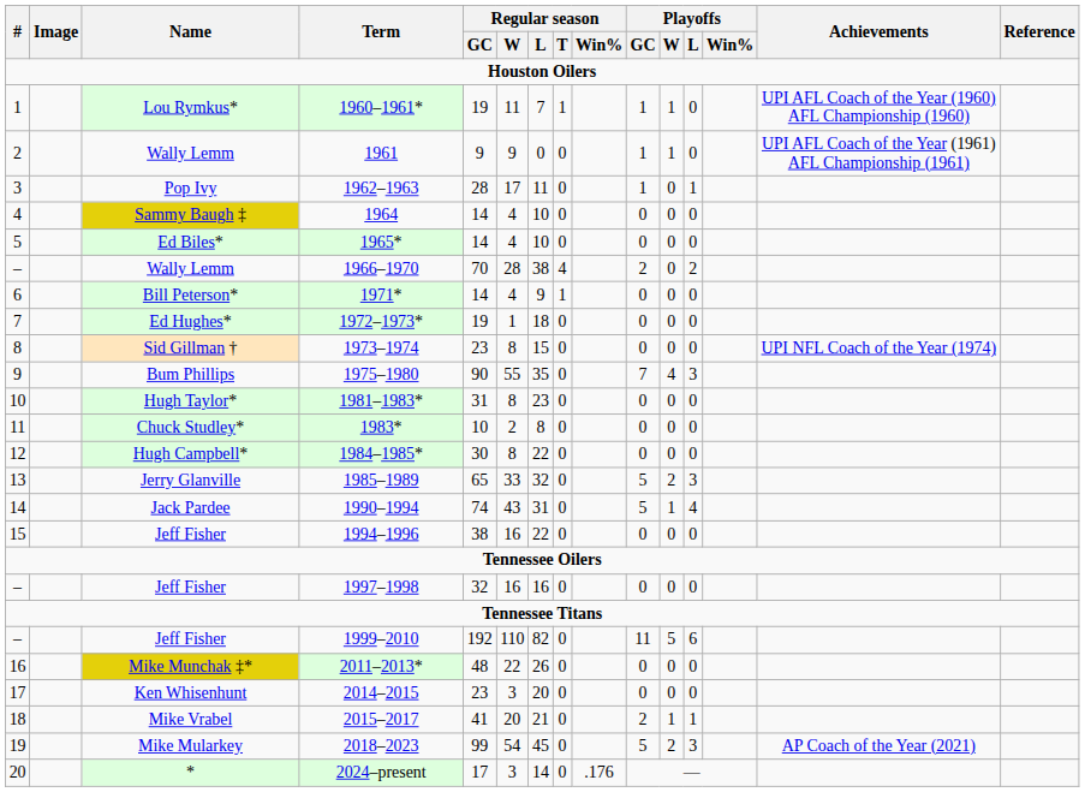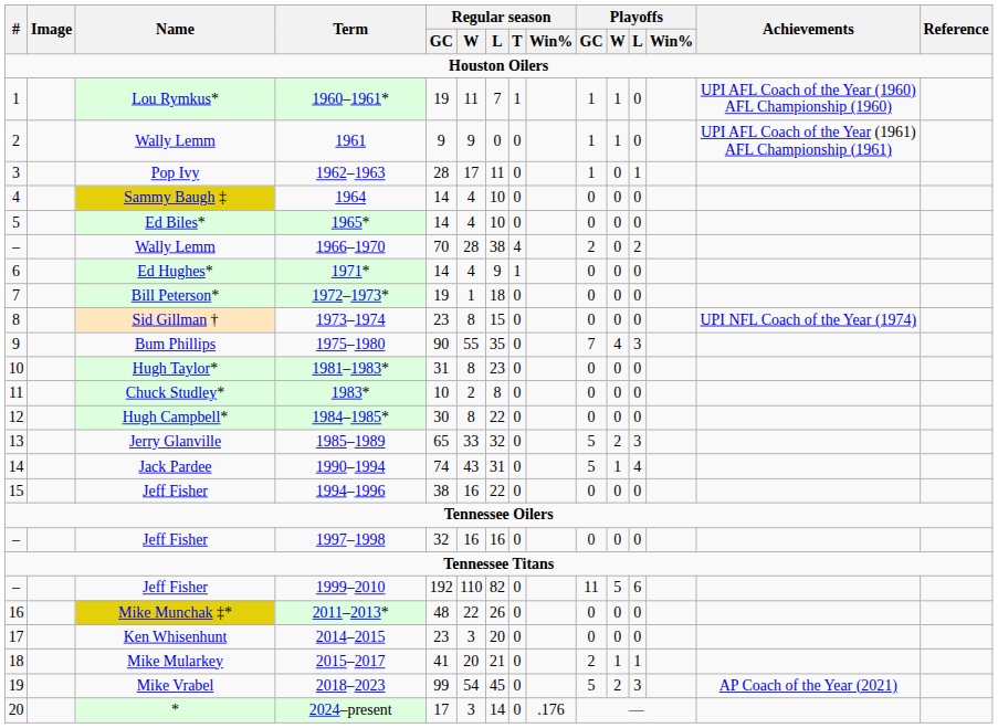 <table class="wikitable" border="1" style="text-align:center;">
 <tr>
 <th rowspan="2">#</th>
 <th rowspan="2">Image</th>
 <th rowspan="2" scope="col" width="200">Name</th>
 <th rowspan="2" scope="col" width="150">Term </th>
 <th colspan="5">Regular season</th>
 <th colspan="4">Playoffs</th>
 <th rowspan="2">Achievements</th>
 <th rowspan="2">Reference</th>
 </tr>
 <tr>
 <th>GC</th>
 <th>W</th>
 <th>L</th>
 <th>T</th>
 <th>Win%</th>
 <th>GC</th>
 <th>W</th>
 <th>L</th>
 <th>Win%</th>
 </tr>
 <tr>
 <td align="center" colspan="19"><strong>Houston Oilers</strong></td>
 </tr>
 <tr>
 <td align="center">1</td>
 <td></td>
 <td bgcolor="#ddffdd"><a href='#'>Lou Rymkus</a>*</td>
 <td bgcolor="#ddffdd"><a href='#'>1960</a>–<a href='#'>1961</a>*</td>
 <td>19</td>
 <td>11</td>
 <td>7</td>
 <td>1</td>
 <td></td>
 <td>1</td>
 <td>1</td>
 <td>0</td>
 <td></td>
 <td><a href='#'>UPI AFL Coach of the Year (1960)</a><br><a href='#'>AFL Championship (1960)</a></td>
 <td align="center"></td>
 </tr>
 <tr>
 <td align="center">2</td>
 <td></td>
 <td><a href='#'>Wally Lemm</a></td>
 <td><a href='#'>1961</a></td>
 <td>9</td>
 <td>9</td>
 <td>0</td>
 <td>0</td>
 <td></td>
 <td>1</td>
 <td>1</td>
 <td>0</td>
 <td></td>
 <td><a href='#'>UPI AFL Coach of the Year</a> (1961)<br><a href='#'>AFL Championship (1961)</a></td>
 <td align="center"></td>
 </tr>
 <tr>
 <td align="center">3</td>
 <td></td>
 <td><a href='#'>Pop Ivy</a></td>
 <td><a href='#'>1962</a>–<a href='#'>1963</a></td>
 <td>28</td>
 <td>17</td>
 <td>11</td>
 <td>0</td>
 <td></td>
 <td>1</td>
 <td>0</td>
 <td>1</td>
 <td></td>
 <td></td>
 <td align="center"></td>
 </tr>
 <tr>
 <td align="center">4</td>
 <td></td>
 <td style="background-color:#E4D00A"><a href='#'>Sammy Baugh</a> ‡</td>
 <td><a href='#'>1964</a></td>
 <td>14</td>
 <td>4</td>
 <td>10</td>
 <td>0</td>
 <td></td>
 <td>0</td>
 <td>0</td>
 <td>0</td>
 <td></td>
 <td></td>
 <td align="center"></td>
 </tr>
 <tr>
 <td align="center">5</td>
 <td></td>
 <td bgcolor="#ddffdd"><a href='#'>Ed Biles</a>*</td>
 <td bgcolor="#ddffdd"><a href='#'>1965</a>*</td>
 <td>14</td>
 <td>4</td>
 <td>10</td>
 <td>0</td>
 <td></td>
 <td>0</td>
 <td>0</td>
 <td>0</td>
 <td></td>
 <td></td>
 <td align="center"></td>
 </tr>
 <tr>
 <td align="center">–</td>
 <td></td>
 <td><a href='#'>Wally Lemm</a></td>
 <td><a href='#'>1966</a>–<a href='#'>1970</a></td>
 <td>70</td>
 <td>28</td>
 <td>38</td>
 <td>4</td>
 <td></td>
 <td>2</td>
 <td>0</td>
 <td>2</td>
 <td></td>
 <td></td>
 <td align="center"></td>
 </tr>
 <tr>
 <td align="center">6</td>
 <td></td>
-<td bgcolor="#ddffdd"><a href='#'>Bill Peterson</a>*</td>
+<td bgcolor="#ddffdd"><a href='#'>Ed Hughes</a>*</td>
 <td bgcolor="#ddffdd"><a href='#'>1971</a>*</td>
 <td>14</td>
 <td>4</td>
 <td>9</td>
 <td>1</td>
 <td></td>
 <td>0</td>
 <td>0</td>
 <td>0</td>
 <td></td>
 <td></td>
 <td align="center"></td>
 </tr>
 <tr>
 <td align="center">7</td>
 <td></td>
-<td bgcolor="#ddffdd"><a href='#'>Ed Hughes</a>*</td>
+<td bgcolor="#ddffdd"><a href='#'>Bill Peterson</a>*</td>
 <td bgcolor="#ddffdd"><a href='#'>1972</a>–<a href='#'>1973</a>*</td>
 <td>19</td>
 <td>1</td>
 <td>18</td>
 <td>0</td>
 <td></td>
 <td>0</td>
 <td>0</td>
 <td>0</td>
 <td></td>
 <td></td>
 <td align="center"></td>
 </tr>
 <tr>
 <td align="center">8</td>
 <td></td>
 <td bgcolor="#FFE6BD"><a href='#'>Sid Gillman</a> †</td>
 <td><a href='#'>1973</a>–<a href='#'>1974</a></td>
 <td>23</td>
 <td>8</td>
 <td>15</td>
 <td>0</td>
 <td></td>
 <td>0</td>
 <td>0</td>
 <td>0</td>
 <td></td>
 <td><a href='#'>UPI NFL Coach of the Year (1974)</a></td>
 <td align="center"></td>
 </tr>
 <tr>
 <td align="center">9</td>
 <td></td>
 <td><a href='#'>Bum Phillips</a></td>
 <td><a href='#'>1975</a>–<a href='#'>1980</a></td>
 <td>90</td>
 <td>55</td>
 <td>35</td>
 <td>0</td>
 <td></td>
 <td>7</td>
 <td>4</td>
 <td>3</td>
 <td></td>
 <td></td>
 <td align="center"></td>
 </tr>
 <tr>
 <td align="center">10</td>
 <td></td>
 <td bgcolor="#ddffdd"><a href='#'>Hugh Taylor</a>*</td>
 <td bgcolor="#ddffdd"><a href='#'>1981</a>–<a href='#'>1983</a>*</td>
 <td>31</td>
 <td>8</td>
 <td>23</td>
 <td>0</td>
 <td></td>
 <td>0</td>
 <td>0</td>
 <td>0</td>
 <td></td>
 <td></td>
 <td align="center"></td>
 </tr>
 <tr>
 <td align="center">11</td>
 <td></td>
 <td bgcolor="#ddffdd"><a href='#'>Chuck Studley</a>*</td>
 <td bgcolor="#ddffdd"><a href='#'>1983</a>*</td>
 <td>10</td>
 <td>2</td>
 <td>8</td>
 <td>0</td>
 <td></td>
 <td>0</td>
 <td>0</td>
 <td>0</td>
 <td></td>
 <td></td>
 <td align="center"></td>
 </tr>
 <tr>
 <td align="center">12</td>
 <td></td>
 <td bgcolor="#ddffdd"><a href='#'>Hugh Campbell</a>*</td>
 <td bgcolor="#ddffdd"><a href='#'>1984</a>–<a href='#'>1985</a>*</td>
 <td>30</td>
 <td>8</td>
 <td>22</td>
 <td>0</td>
 <td></td>
 <td>0</td>
 <td>0</td>
 <td>0</td>
 <td></td>
 <td></td>
 <td align="center"></td>
 </tr>
 <tr>
 <td align="center">13</td>
 <td></td>
 <td><a href='#'>Jerry Glanville</a></td>
 <td><a href='#'>1985</a>–<a href='#'>1989</a></td>
 <td>65</td>
 <td>33</td>
 <td>32</td>
 <td>0</td>
 <td></td>
 <td>5</td>
 <td>2</td>
 <td>3</td>
 <td></td>
 <td></td>
 <td align="center"></td>
 </tr>
 <tr>
 <td align="center">14</td>
 <td></td>
 <td><a href='#'>Jack Pardee</a></td>
 <td><a href='#'>1990</a>–<a href='#'>1994</a></td>
 <td>74</td>
 <td>43</td>
 <td>31</td>
 <td>0</td>
 <td></td>
 <td>5</td>
 <td>1</td>
 <td>4</td>
 <td></td>
 <td></td>
 <td align="center"></td>
 </tr>
 <tr>
 <td align="center">15</td>
 <td></td>
 <td><a href='#'>Jeff Fisher</a></td>
 <td><a href='#'>1994</a>–<a href='#'>1996</a></td>
 <td>38</td>
 <td>16</td>
 <td>22</td>
 <td>0</td>
 <td></td>
 <td>0</td>
 <td>0</td>
 <td>0</td>
 <td></td>
 <td></td>
 <td align="center"></td>
 </tr>
 <tr>
 <td align="center" colspan="19"><strong>Tennessee Oilers</strong></td>
 </tr>
 <tr>
 <td align="center">–</td>
 <td></td>
 <td><a href='#'>Jeff Fisher</a></td>
 <td><a href='#'>1997</a>–<a href='#'>1998</a></td>
 <td>32</td>
 <td>16</td>
 <td>16</td>
 <td>0</td>
 <td></td>
 <td>0</td>
 <td>0</td>
 <td>0</td>
 <td></td>
 <td></td>
 <td align="center"></td>
 </tr>
 <tr>
 <td align="center" colspan="19"><strong>Tennessee Titans</strong></td>
 </tr>
 <tr>
 <td align="center">–</td>
 <td></td>
 <td><a href='#'>Jeff Fisher</a></td>
 <td><a href='#'>1999</a>–<a href='#'>2010</a></td>
 <td>192</td>
 <td>110</td>
 <td>82</td>
 <td>0</td>
 <td></td>
 <td>11</td>
 <td>5</td>
 <td>6</td>
 <td></td>
 <td></td>
 <td align="center"></td>
 </tr>
 <tr>
 <td align="center">16</td>
 <td></td>
 <td style="background-color:#E4D00A"><a href='#'>Mike Munchak</a> ‡*</td>
 <td bgcolor="#ddffdd"><a href='#'>2011</a>–<a href='#'>2013</a>*</td>
 <td>48</td>
 <td>22</td>
 <td>26</td>
 <td>0</td>
 <td></td>
 <td>0</td>
 <td>0</td>
 <td>0</td>
 <td></td>
 <td></td>
 <td align="center"></td>
 </tr>
 <tr>
 <td align="center">17</td>
 <td></td>
 <td><a href='#'>Ken Whisenhunt</a></td>
 <td><a href='#'>2014</a>–<a href='#'>2015</a></td>
 <td>23</td>
 <td>3</td>
 <td>20</td>
 <td>0</td>
 <td></td>
 <td>0</td>
 <td>0</td>
 <td>0</td>
 <td></td>
 <td></td>
 <td align="center"></td>
 </tr>
 <tr>
 <td align="center">18</td>
 <td></td>
-<td><a href='#'>Mike Vrabel</a></td>
+<td><a href='#'>Mike Mularkey</a></td>
 <td><a href='#'>2015</a>–<a href='#'>2017</a></td>
 <td>41</td>
 <td>20</td>
 <td>21</td>
 <td>0</td>
 <td></td>
 <td>2</td>
 <td>1</td>
 <td>1</td>
 <td></td>
 <td></td>
 <td align="center"></td>
 </tr>
 <tr>
 <td align="center">19</td>
 <td></td>
-<td><a href='#'>Mike Mularkey</a></td>
+<td><a href='#'>Mike Vrabel</a></td>
 <td><a href='#'>2018</a>–<a href='#'>2023</a></td>
 <td>99</td>
 <td>54</td>
 <td>45</td>
 <td>0</td>
 <td></td>
 <td>5</td>
 <td>2</td>
 <td>3</td>
 <td></td>
 <td><a href='#'>AP Coach of the Year (2021)</a></td>
 <td align="center"></td>
 </tr>
 <tr>
 <td>20</td>
 <td></td>
 <td bgcolor="#ddffdd">*</td>
 <td bgcolor="#ddffdd"><a href='#'>2024</a>–present</td>
 <td>17</td>
 <td>3</td>
 <td>14</td>
 <td>0</td>
 <td>.176</td>
 <td colspan="4">—</td>
 <td></td>
 <td></td>
 </tr>
 </table>
